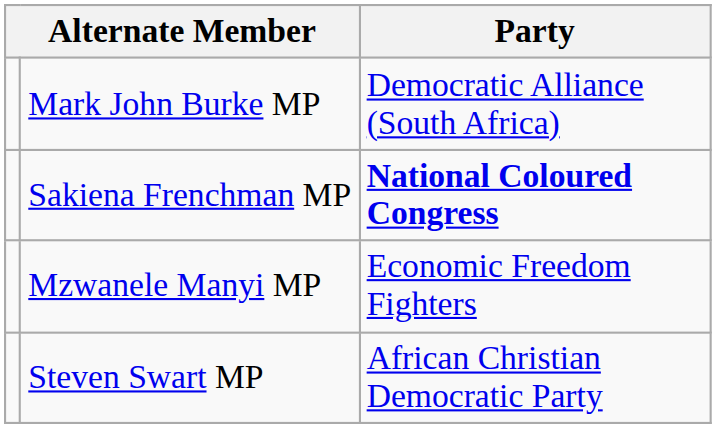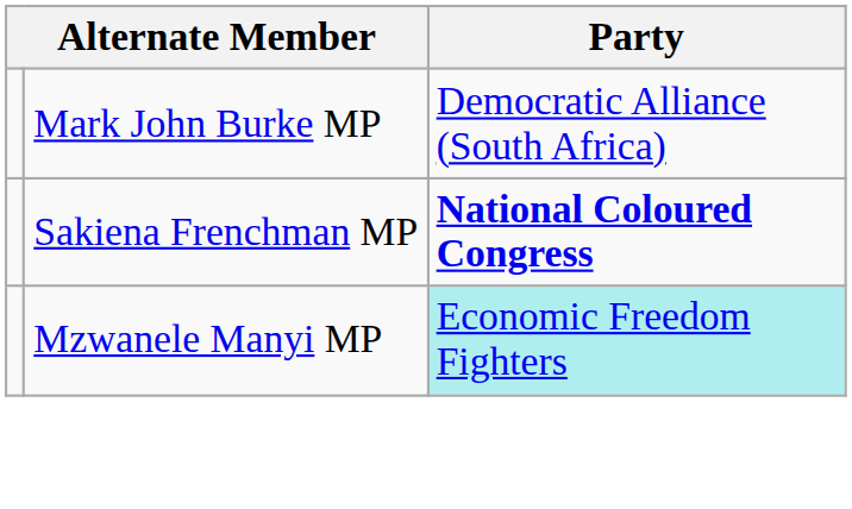 <table class="wikitable">
 <tr>
 <th width="160px" colspan="2" valign="top">Alternate Member</th>
 <th width="160px" valign="top">Party</th>
 </tr>
 <tr>
 <td></td>
 <td><a href='#'>Mark John Burke</a> MP</td>
 <td><a href='#'>Democratic Alliance (South Africa)</a></td>
 </tr>
 <tr>
 <td></td>
 <td><a href='#'>Sakiena Frenchman</a> MP</td>
 <td><strong><a href='#'>National Coloured Congress</a></strong></td>
 </tr>
 <tr>
 <td></td>
 <td><a href='#'>Mzwanele Manyi</a> MP</td>
-<td><a href='#'>Economic Freedom Fighters</a></td>
-</tr>
-<tr>
-<td></td>
-<td><a href='#'>Steven Swart</a> MP</td>
-<td><a href='#'>African Christian Democratic Party</a></td>
+<td style="background: paleturquoise;"><a href='#'>Economic Freedom Fighters</a></td>
 </tr>
 </table>
